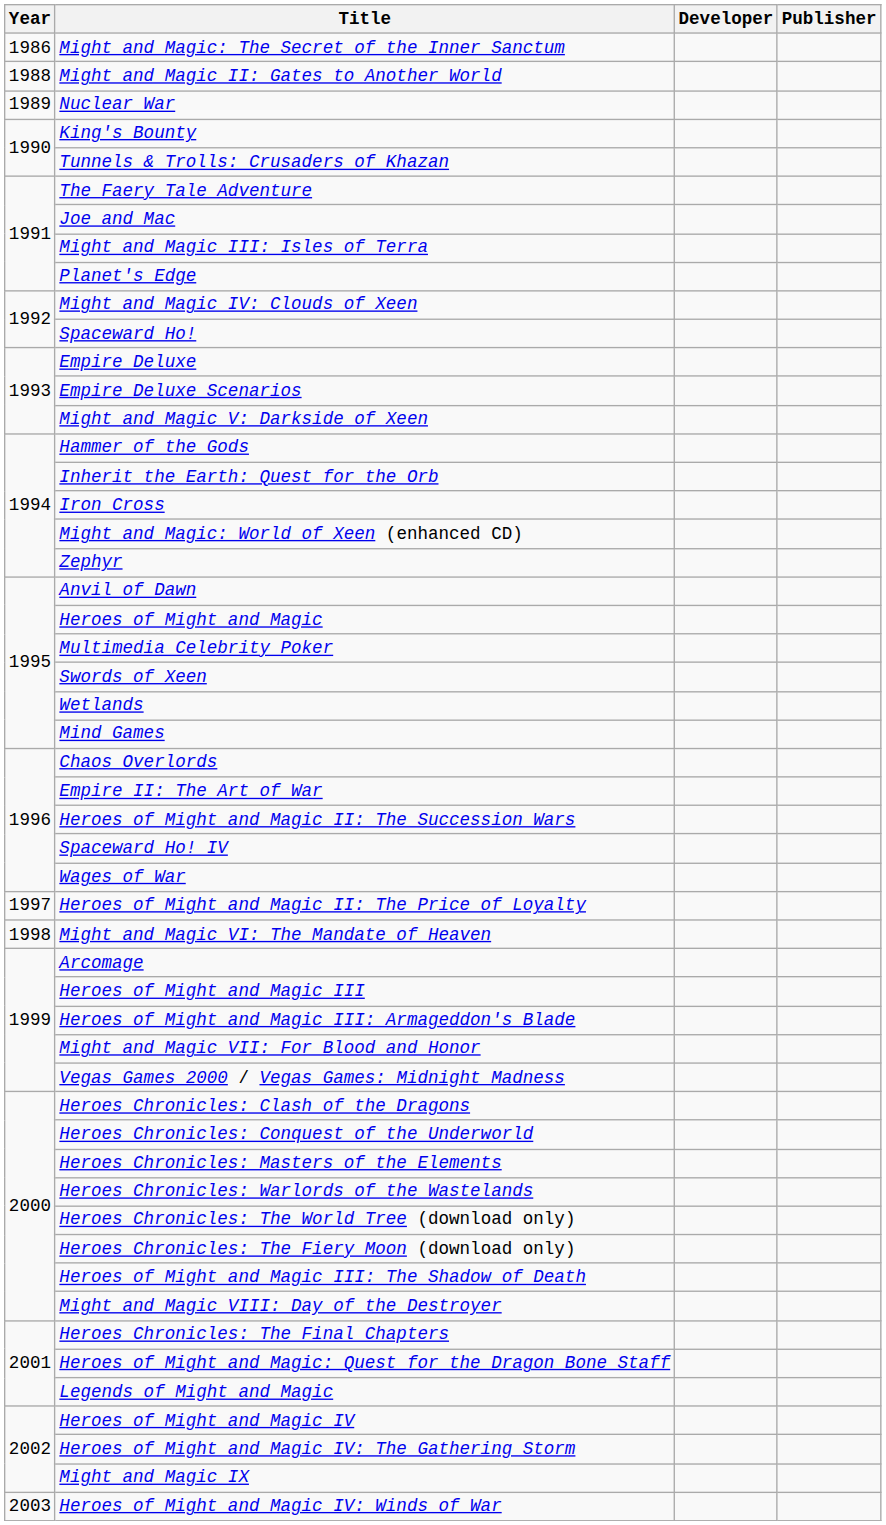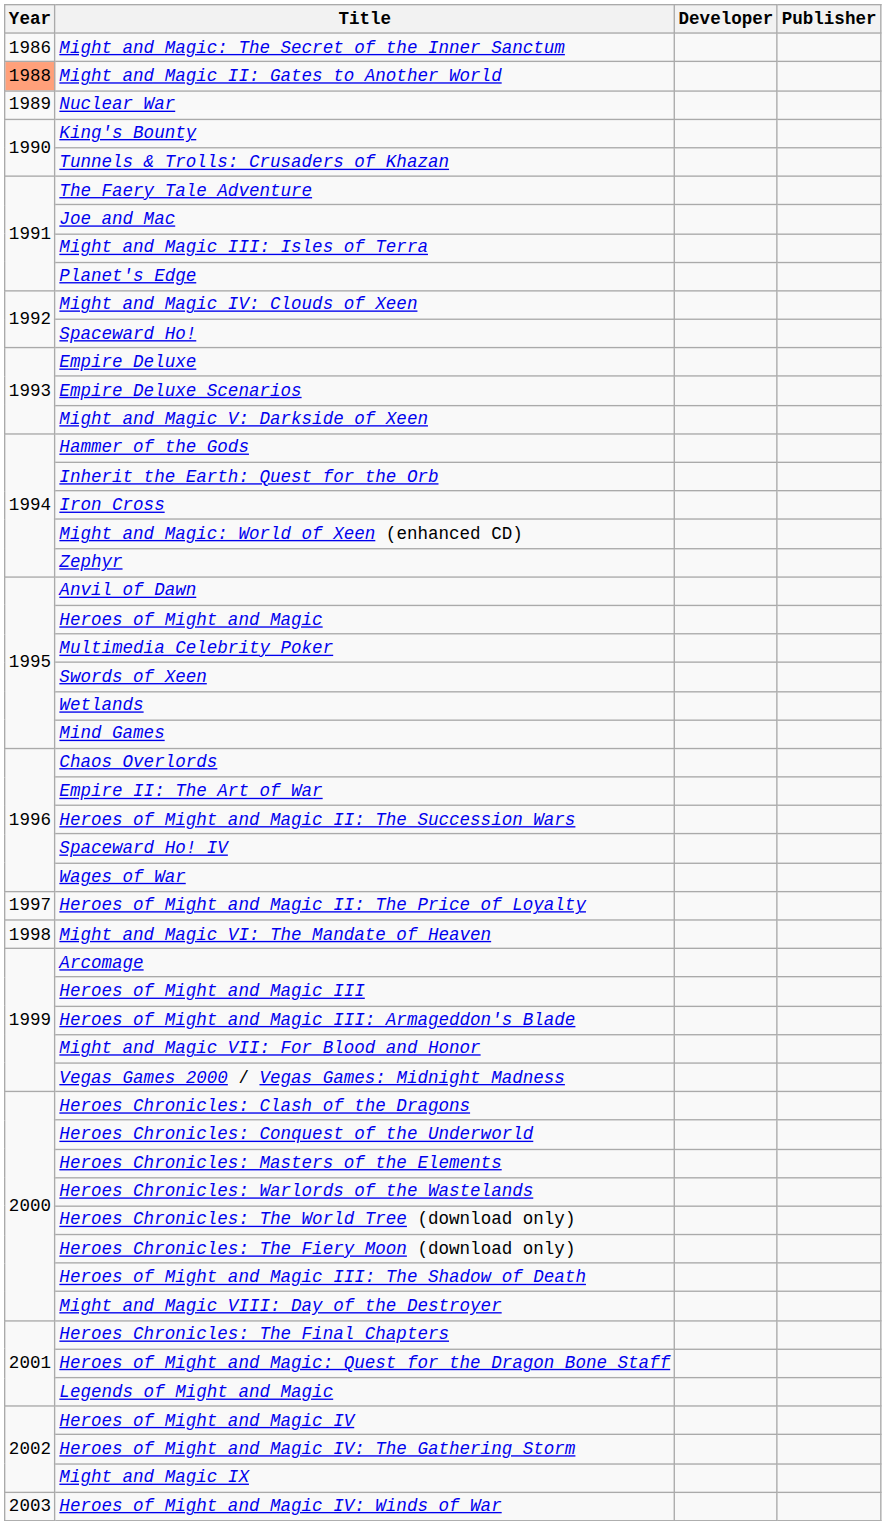 <table class="wikitable sortable">
 <tr>
 <th>Year</th>
 <th>Title</th>
 <th>Developer</th>
 <th>Publisher</th>
 </tr>
 <tr>
 <td>1986</td>
 <td><em><a href='#'>Might and Magic: The Secret of the Inner Sanctum</a></em></td>
 <td></td>
 <td></td>
 </tr>
 <tr>
-<td>1988</td>
+<td style="background: lightsalmon;">1988</td>
 <td><em><a href='#'>Might and Magic II: Gates to Another World</a></em></td>
 <td></td>
 <td></td>
 </tr>
 <tr>
 <td>1989</td>
 <td><em><a href='#'>Nuclear War</a></em></td>
 <td></td>
 <td></td>
 </tr>
 <tr>
 <td rowspan="2">1990</td>
 <td><em><a href='#'>King's Bounty</a></em></td>
 <td></td>
 <td></td>
 </tr>
 <tr>
 <td><em><a href='#'>Tunnels & Trolls: Crusaders of Khazan</a></em></td>
 <td></td>
 <td></td>
 </tr>
 <tr>
 <td rowspan="4">1991</td>
 <td><em><a href='#'>The Faery Tale Adventure</a></em></td>
 <td></td>
 <td></td>
 </tr>
 <tr>
 <td><em><a href='#'>Joe and Mac</a></em></td>
 <td></td>
 <td></td>
 </tr>
 <tr>
 <td><em><a href='#'>Might and Magic III: Isles of Terra</a></em></td>
 <td></td>
 <td></td>
 </tr>
 <tr>
 <td><em><a href='#'>Planet's Edge</a></em></td>
 <td></td>
 <td></td>
 </tr>
 <tr>
 <td rowspan="2">1992</td>
 <td><em><a href='#'>Might and Magic IV: Clouds of Xeen</a></em></td>
 <td></td>
 <td></td>
 </tr>
 <tr>
 <td><em><a href='#'>Spaceward Ho!</a></em></td>
 <td></td>
 <td></td>
 </tr>
 <tr>
 <td rowspan="3">1993</td>
 <td><em><a href='#'>Empire Deluxe</a></em></td>
 <td></td>
 <td></td>
 </tr>
 <tr>
 <td><em><a href='#'>Empire Deluxe Scenarios</a></em></td>
 <td></td>
 <td></td>
 </tr>
 <tr>
 <td><em><a href='#'>Might and Magic V: Darkside of Xeen</a></em></td>
 <td></td>
 <td></td>
 </tr>
 <tr>
 <td rowspan="5">1994</td>
 <td><em><a href='#'>Hammer of the Gods</a></em></td>
 <td></td>
 <td></td>
 </tr>
 <tr>
 <td><em><a href='#'>Inherit the Earth: Quest for the Orb</a></em></td>
 <td></td>
 <td></td>
 </tr>
 <tr>
 <td><em><a href='#'>Iron Cross</a></em></td>
 <td></td>
 <td></td>
 </tr>
 <tr>
 <td><em><a href='#'>Might and Magic: World of Xeen</a></em> (enhanced CD)</td>
 <td></td>
 <td></td>
 </tr>
 <tr>
 <td><em><a href='#'>Zephyr</a></em></td>
 <td></td>
 <td></td>
 </tr>
 <tr>
 <td rowspan="6">1995</td>
 <td><em><a href='#'>Anvil of Dawn</a></em></td>
 <td></td>
 <td></td>
 </tr>
 <tr>
 <td><em><a href='#'>Heroes of Might and Magic</a></em></td>
 <td></td>
 <td></td>
 </tr>
 <tr>
 <td><em><a href='#'>Multimedia Celebrity Poker</a></em></td>
 <td></td>
 <td></td>
 </tr>
 <tr>
 <td><em><a href='#'>Swords of Xeen</a></em></td>
 <td></td>
 <td></td>
 </tr>
 <tr>
 <td><em><a href='#'>Wetlands</a></em></td>
 <td></td>
 <td></td>
 </tr>
 <tr>
 <td><em><a href='#'>Mind Games</a></em></td>
 <td></td>
 <td></td>
 </tr>
 <tr>
 <td rowspan="5">1996</td>
 <td><em><a href='#'>Chaos Overlords</a></em></td>
 <td></td>
 <td></td>
 </tr>
 <tr>
 <td><em><a href='#'>Empire II: The Art of War</a></em></td>
 <td></td>
 <td></td>
 </tr>
 <tr>
 <td><em><a href='#'>Heroes of Might and Magic II: The Succession Wars</a></em></td>
 <td></td>
 <td></td>
 </tr>
 <tr>
 <td><em><a href='#'>Spaceward Ho! IV</a></em></td>
 <td></td>
 <td></td>
 </tr>
 <tr>
 <td><em><a href='#'>Wages of War</a></em></td>
 <td></td>
 <td></td>
 </tr>
 <tr>
 <td>1997</td>
 <td><em><a href='#'>Heroes of Might and Magic II: The Price of Loyalty</a></em></td>
 <td></td>
 <td></td>
 </tr>
 <tr>
 <td>1998</td>
 <td><em><a href='#'>Might and Magic VI: The Mandate of Heaven</a></em></td>
 <td></td>
 <td></td>
 </tr>
 <tr>
 <td rowspan="5">1999</td>
 <td><em><a href='#'>Arcomage</a></em></td>
 <td></td>
 <td></td>
 </tr>
 <tr>
 <td><em><a href='#'>Heroes of Might and Magic III</a></em></td>
 <td></td>
 <td></td>
 </tr>
 <tr>
 <td><em><a href='#'>Heroes of Might and Magic III: Armageddon's Blade</a></em></td>
 <td></td>
 <td></td>
 </tr>
 <tr>
 <td><em><a href='#'>Might and Magic VII: For Blood and Honor</a></em></td>
 <td></td>
 <td></td>
 </tr>
 <tr>
 <td><em><a href='#'>Vegas Games 2000</a></em> / <em><a href='#'>Vegas Games: Midnight Madness</a></em></td>
 <td></td>
 <td></td>
 </tr>
 <tr>
 <td rowspan="8">2000</td>
 <td><em><a href='#'>Heroes Chronicles: Clash of the Dragons</a></em></td>
 <td></td>
 <td></td>
 </tr>
 <tr>
 <td><em><a href='#'>Heroes Chronicles: Conquest of the Underworld</a></em></td>
 <td></td>
 <td></td>
 </tr>
 <tr>
 <td><em><a href='#'>Heroes Chronicles: Masters of the Elements</a></em></td>
 <td></td>
 <td></td>
 </tr>
 <tr>
 <td><em><a href='#'>Heroes Chronicles: Warlords of the Wastelands</a></em></td>
 <td></td>
 <td></td>
 </tr>
 <tr>
 <td><em><a href='#'>Heroes Chronicles: The World Tree</a></em> (download only)</td>
 <td></td>
 <td></td>
 </tr>
 <tr>
 <td><em><a href='#'>Heroes Chronicles: The Fiery Moon</a></em> (download only)</td>
 <td></td>
 <td></td>
 </tr>
 <tr>
 <td><em><a href='#'>Heroes of Might and Magic III: The Shadow of Death</a></em></td>
 <td></td>
 <td></td>
 </tr>
 <tr>
 <td><em><a href='#'>Might and Magic VIII: Day of the Destroyer</a></em></td>
 <td></td>
 <td></td>
 </tr>
 <tr>
 <td rowspan="3">2001</td>
 <td><em><a href='#'>Heroes Chronicles: The Final Chapters</a></em></td>
 <td></td>
 <td></td>
 </tr>
 <tr>
 <td><em><a href='#'>Heroes of Might and Magic: Quest for the Dragon Bone Staff</a></em></td>
 <td></td>
 <td></td>
 </tr>
 <tr>
 <td><em><a href='#'>Legends of Might and Magic</a></em></td>
 <td></td>
 <td></td>
 </tr>
 <tr>
 <td rowspan="3">2002</td>
 <td><em><a href='#'>Heroes of Might and Magic IV</a></em></td>
 <td></td>
 <td></td>
 </tr>
 <tr>
 <td><em><a href='#'>Heroes of Might and Magic IV: The Gathering Storm</a></em></td>
 <td></td>
 <td></td>
 </tr>
 <tr>
 <td><em><a href='#'>Might and Magic IX</a></em></td>
 <td></td>
 <td></td>
 </tr>
 <tr>
 <td>2003</td>
 <td><em><a href='#'>Heroes of Might and Magic IV: Winds of War</a></em></td>
 <td></td>
 <td></td>
 </tr>
 </table>
